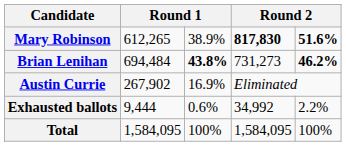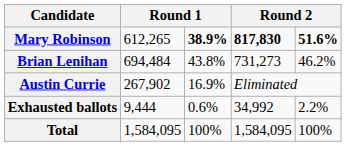 <table class="wikitable">
 <tr>
 <th>Candidate</th>
 <th colspan="2">Round 1</th>
 <th colspan="2">Round 2</th>
 </tr>
 <tr>
 <th><a href='#'>Mary Robinson</a></th>
 <td>612,265</td>
-<td>38.9%</td>
+<td><strong>38.9%</strong></td>
 <td><strong>817,830</strong></td>
 <td><strong>51.6%</strong></td>
 </tr>
 <tr>
 <th><a href='#'>Brian Lenihan</a></th>
 <td>694,484</td>
-<td><strong>43.8%</strong></td>
+<td>43.8%</td>
 <td>731,273</td>
-<td><strong>46.2%</strong></td>
+<td>46.2%</td>
 </tr>
 <tr>
 <th><a href='#'>Austin Currie</a></th>
 <td>267,902</td>
 <td>16.9%</td>
 <td colspan="2"><em>Eliminated</em></td>
 </tr>
 <tr>
 <th>Exhausted ballots</th>
 <td>9,444</td>
 <td>0.6%</td>
 <td>34,992</td>
 <td>2.2%</td>
 </tr>
 <tr>
 <th>Total</th>
 <td>1,584,095</td>
 <td>100%</td>
 <td>1,584,095</td>
 <td>100%</td>
 </tr>
 </table>
